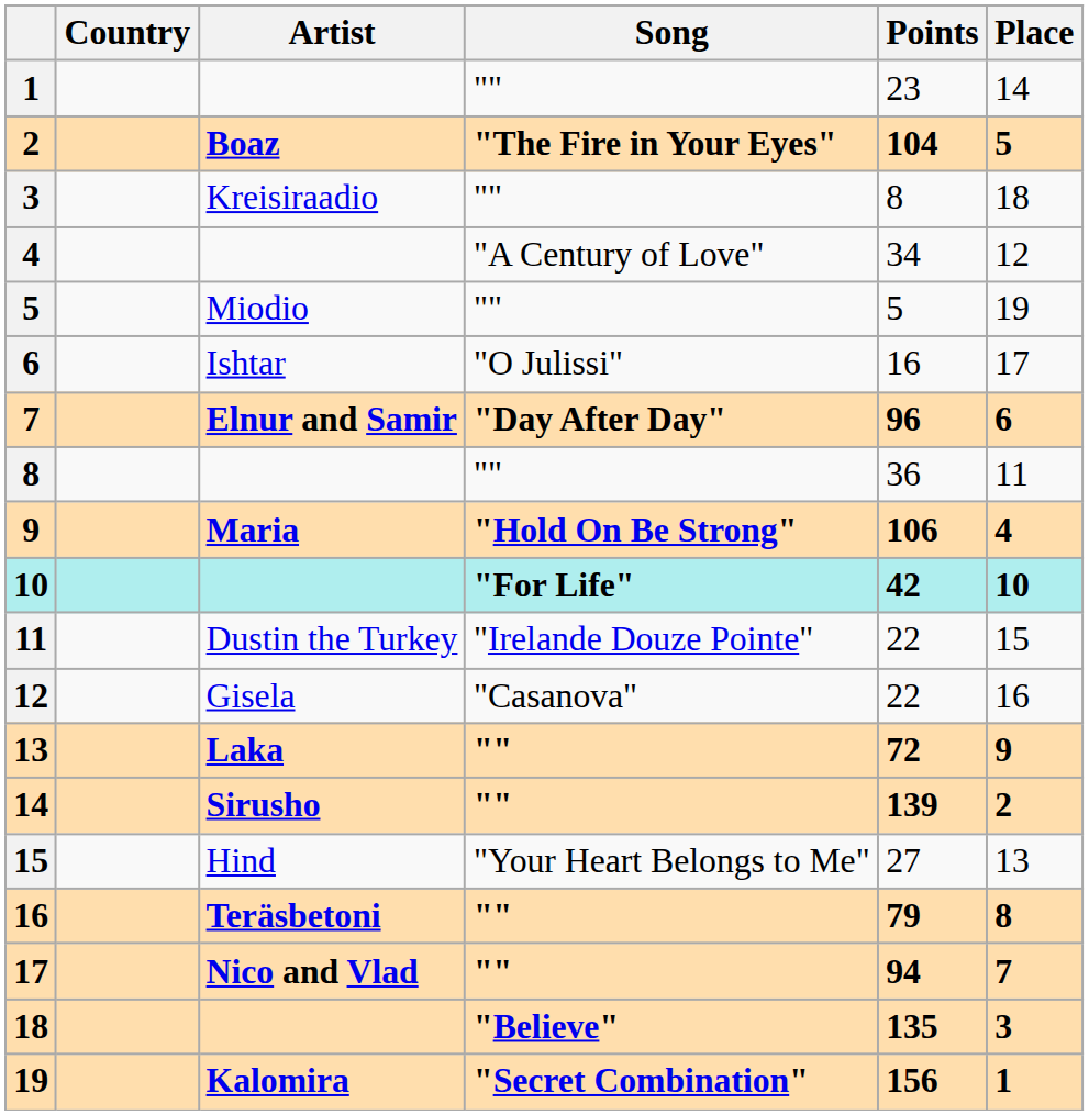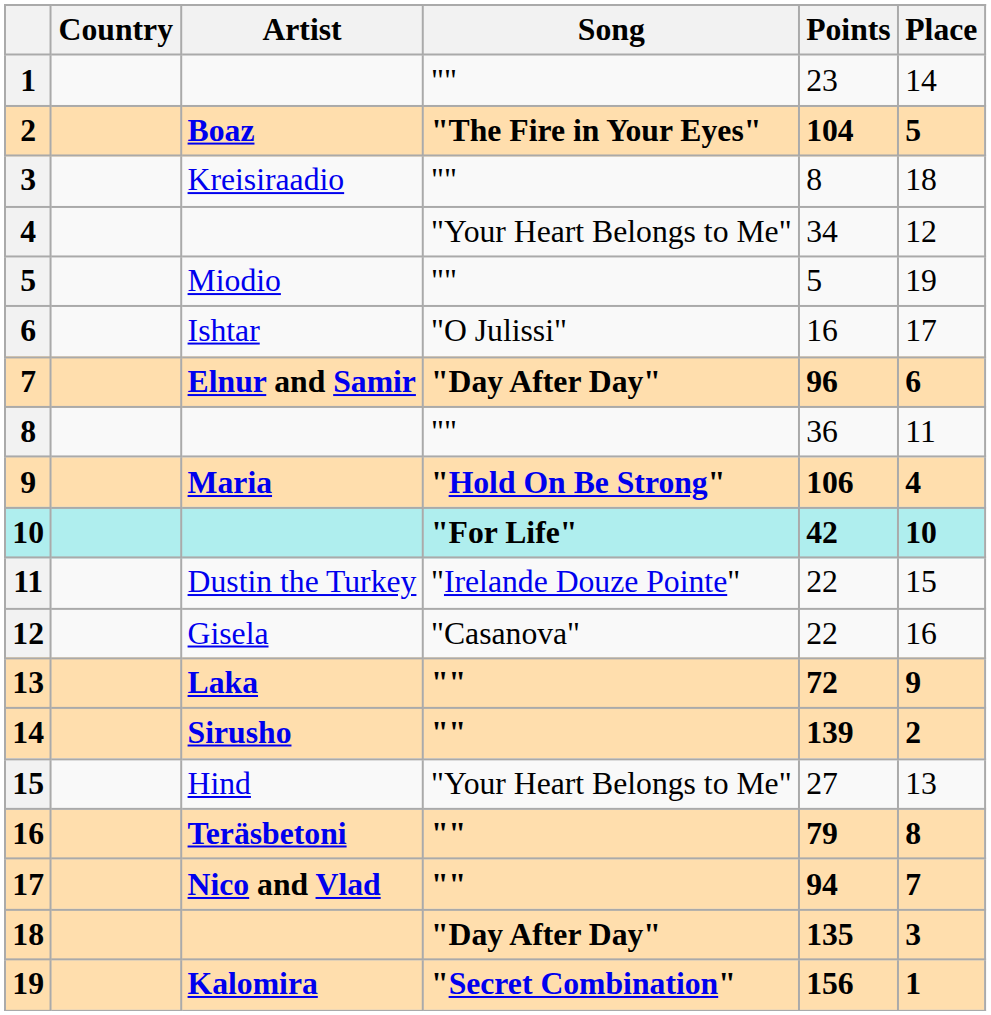 <table class="sortable wikitable plainrowheaders">
 <tr>
 </tr>
 <tr>
 <th scope="col"></th>
 <th scope="col">Country</th>
 <th scope="col">Artist</th>
 <th scope="col">Song</th>
 <th scope="col">Points</th>
 <th scope="col">Place</th>
 </tr>
 <tr>
 <th scope="row" style="text-align:center;">1</th>
 <td></td>
 <td></td>
 <td>""</td>
 <td>23</td>
 <td>14</td>
 </tr>
 <tr style="font-weight:bold; background:navajowhite;">
 <th scope="row" style="text-align:center; font-weight:bold; background:navajowhite;">2</th>
 <td></td>
 <td><a href='#'>Boaz</a></td>
 <td>"The Fire in Your Eyes"</td>
 <td>104</td>
 <td>5</td>
 </tr>
 <tr>
 <th scope="row" style="text-align:center;">3</th>
 <td></td>
 <td><a href='#'>Kreisiraadio</a></td>
 <td>""</td>
 <td>8</td>
 <td>18</td>
 </tr>
 <tr>
 <th scope="row" style="text-align:center;">4</th>
 <td></td>
 <td></td>
-<td>"A Century of Love"</td>
+<td>"Your Heart Belongs to Me"</td>
 <td>34</td>
 <td>12</td>
 </tr>
 <tr>
 <th scope="row" style="text-align:center;">5</th>
 <td></td>
 <td><a href='#'>Miodio</a></td>
 <td>""</td>
 <td>5</td>
 <td>19</td>
 </tr>
 <tr>
 <th scope="row" style="text-align:center;">6</th>
 <td></td>
 <td><a href='#'>Ishtar</a></td>
 <td>"O Julissi"</td>
 <td>16</td>
 <td>17</td>
 </tr>
 <tr style="font-weight:bold; background:navajowhite;">
 <th scope="row" style="text-align:center; font-weight:bold; background:navajowhite;">7</th>
 <td></td>
 <td><a href='#'>Elnur</a> and <a href='#'>Samir</a></td>
 <td>"Day After Day"</td>
 <td>96</td>
 <td>6</td>
 </tr>
 <tr>
 <th scope="row" style="text-align:center;">8</th>
 <td></td>
 <td></td>
 <td>""</td>
 <td>36</td>
 <td>11</td>
 </tr>
 <tr style="font-weight:bold; background:navajowhite;">
 <th scope="row" style="text-align:center; font-weight:bold; background:navajowhite;">9</th>
 <td></td>
 <td><a href='#'>Maria</a></td>
 <td>"<a href='#'>Hold On Be Strong</a>"</td>
 <td>106</td>
 <td>4</td>
 </tr>
 <tr style="font-weight:bold; background:paleturquoise;">
 <th scope="row" style="text-align:center; font-weight:bold; background:paleturquoise;">10</th>
 <td></td>
 <td></td>
 <td>"For Life"</td>
 <td>42</td>
 <td>10 </td>
 </tr>
 <tr>
 <th scope="row" style="text-align:center;">11</th>
 <td></td>
 <td><a href='#'>Dustin the Turkey</a></td>
 <td>"<a href='#'>Irelande Douze Pointe</a>"</td>
 <td>22</td>
 <td>15</td>
 </tr>
 <tr>
 <th scope="row" style="text-align:center;">12</th>
 <td></td>
 <td><a href='#'>Gisela</a></td>
 <td>"Casanova"</td>
 <td>22</td>
 <td>16</td>
 </tr>
 <tr style="font-weight:bold; background:navajowhite;">
 <th scope="row" style="text-align:center; font-weight:bold; background:navajowhite;">13</th>
 <td></td>
 <td><a href='#'>Laka</a></td>
 <td>""</td>
 <td>72</td>
 <td>9</td>
 </tr>
 <tr style="font-weight:bold; background:navajowhite;">
 <th scope="row" style="text-align:center; font-weight:bold; background:navajowhite;">14</th>
 <td></td>
 <td><a href='#'>Sirusho</a></td>
 <td>""</td>
 <td>139</td>
 <td>2</td>
 </tr>
 <tr>
 <th scope="row" style="text-align:center;">15</th>
 <td></td>
 <td><a href='#'>Hind</a></td>
 <td>"Your Heart Belongs to Me"</td>
 <td>27</td>
 <td>13</td>
 </tr>
 <tr style="font-weight:bold; background:navajowhite;">
 <th scope="row" style="text-align:center; font-weight:bold; background:navajowhite;">16</th>
 <td></td>
 <td><a href='#'>Teräsbetoni</a></td>
 <td>""</td>
 <td>79</td>
 <td>8</td>
 </tr>
 <tr style="font-weight:bold; background:navajowhite;">
 <th scope="row" style="text-align:center; font-weight:bold; background:navajowhite;">17</th>
 <td></td>
 <td><a href='#'>Nico</a> and <a href='#'>Vlad</a></td>
 <td>""</td>
 <td>94</td>
 <td>7</td>
 </tr>
 <tr style="font-weight:bold; background:navajowhite;">
 <th scope="row" style="text-align:center; font-weight:bold; background:navajowhite;">18</th>
 <td></td>
 <td></td>
-<td>"<a href='#'>Believe</a>"</td>
+<td>"Day After Day"</td>
 <td>135</td>
 <td>3</td>
 </tr>
 <tr style="font-weight:bold; background:navajowhite;">
 <th scope="row" style="text-align:center; font-weight:bold; background:navajowhite;">19</th>
 <td></td>
 <td><a href='#'>Kalomira</a></td>
 <td>"<a href='#'>Secret Combination</a>"</td>
 <td>156</td>
 <td>1</td>
 </tr>
 </table>
